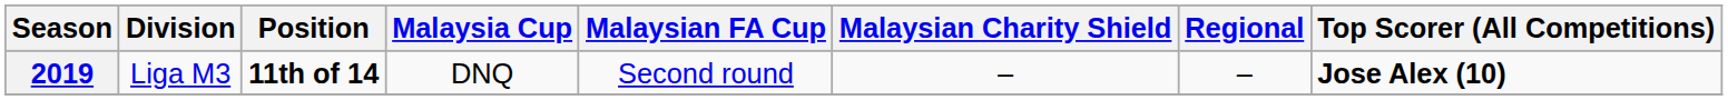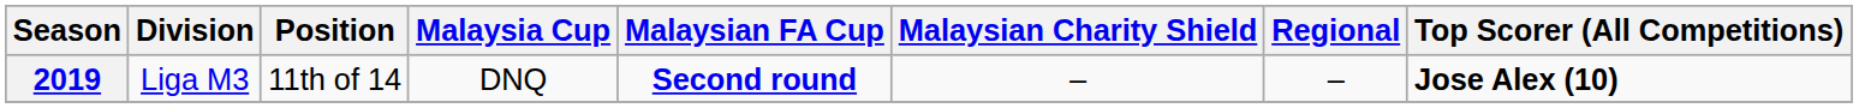 <table class="wikitable" style="font-size:89%;">
 <tr>
 <th>Season</th>
 <th>Division</th>
 <th>Position</th>
 <th><a href='#'>Malaysia Cup</a></th>
 <th><a href='#'>Malaysian FA Cup</a></th>
 <th><a href='#'>Malaysian Charity Shield</a></th>
 <th><a href='#'>Regional</a></th>
 <th>Top Scorer (All Competitions)</th>
 </tr>
 <tr>
 <th style="text-align:center;"><a href='#'>2019</a></th>
 <td style="text-align:center;"><a href='#'>Liga M3</a></td>
-<td style="text-align:center;"><strong>11th of 14</strong></td>
+<td style="text-align:center;">11th of 14</td>
 <td style="text-align:center;">DNQ</td>
-<td style="text-align:center;"><a href='#'>Second round</a></td>
+<td style="text-align:center;"><strong><a href='#'>Second round</a></strong></td>
 <td style="text-align:center;">–</td>
 <td style="text-align:center;">–</td>
 <td><strong> Jose Alex (10)</strong></td>
 </tr>
 <tr>
 </tr>
 </table>
